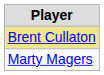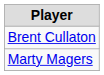 <table class="wikitable">
 <tr align="center"  bgcolor="#dddddd">
 <td><strong>Player</strong></td>
 </tr>
 <tr>
-<td style="background: khaki;"><a href='#'>Brent Cullaton</a></td>
+<td><a href='#'>Brent Cullaton</a></td>
 </tr>
 <tr>
 <td><a href='#'>Marty Magers</a></td>
 </tr>
 </table>
